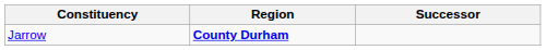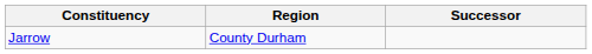 <table class="wikitable">
 <tr>
 <th width="225px">Constituency</th>
 <th width="200px">Region</th>
 <th width="225px">Successor</th>
 </tr>
 <tr>
 <td><a href='#'>Jarrow</a></td>
-<td><strong><a href='#'>County Durham</a></strong></td>
+<td><a href='#'>County Durham</a></td>
 </tr>
 </table>
